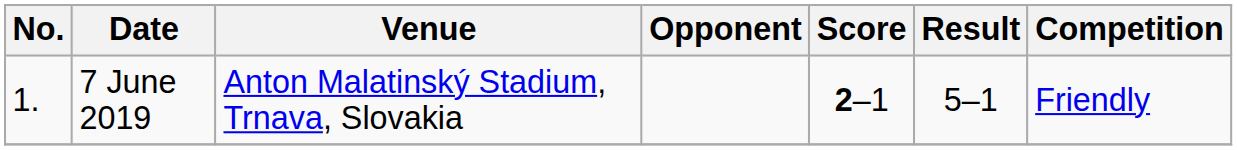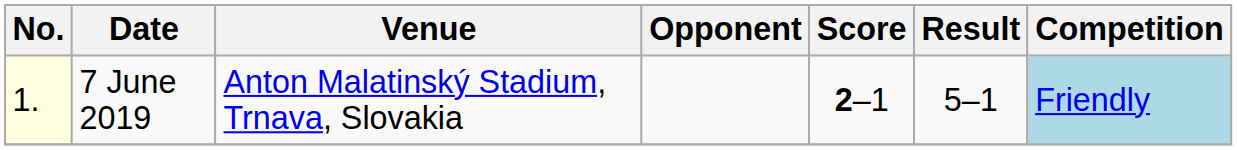 <table class="wikitable">
 <tr>
 <th>No.</th>
 <th>Date</th>
 <th>Venue</th>
 <th>Opponent</th>
 <th>Score</th>
 <th>Result</th>
 <th>Competition</th>
 </tr>
 <tr>
-<td>1.</td>
+<td style="background: lightyellow;">1.</td>
 <td>7 June 2019</td>
 <td><a href='#'>Anton Malatinský Stadium</a>, <a href='#'>Trnava</a>, Slovakia</td>
 <td></td>
 <td align=center><strong>2</strong>–1</td>
 <td style="text-align:center">5–1</td>
-<td><a href='#'>Friendly</a></td>
+<td style="background: lightblue;"><a href='#'>Friendly</a></td>
 </tr>
 <tr>
 </tr>
 </table>
